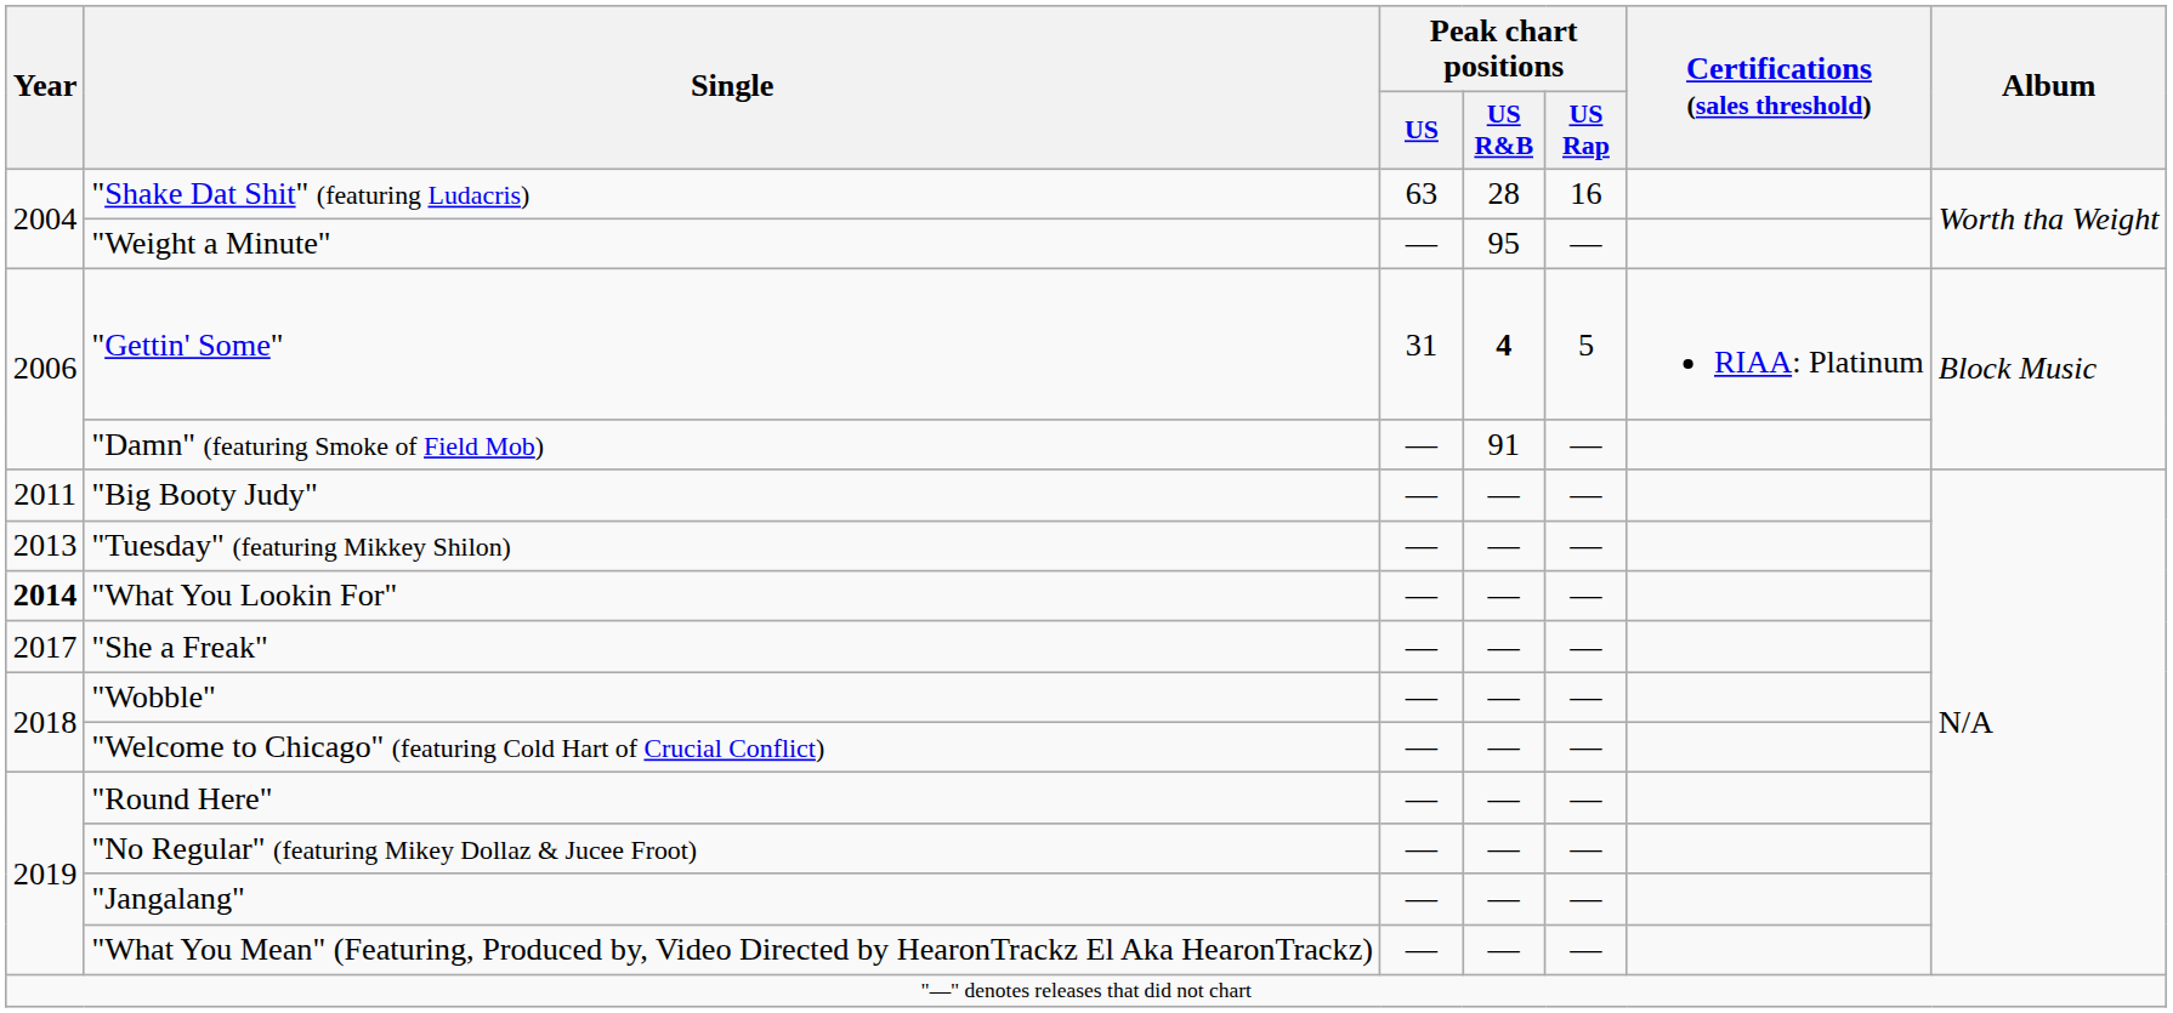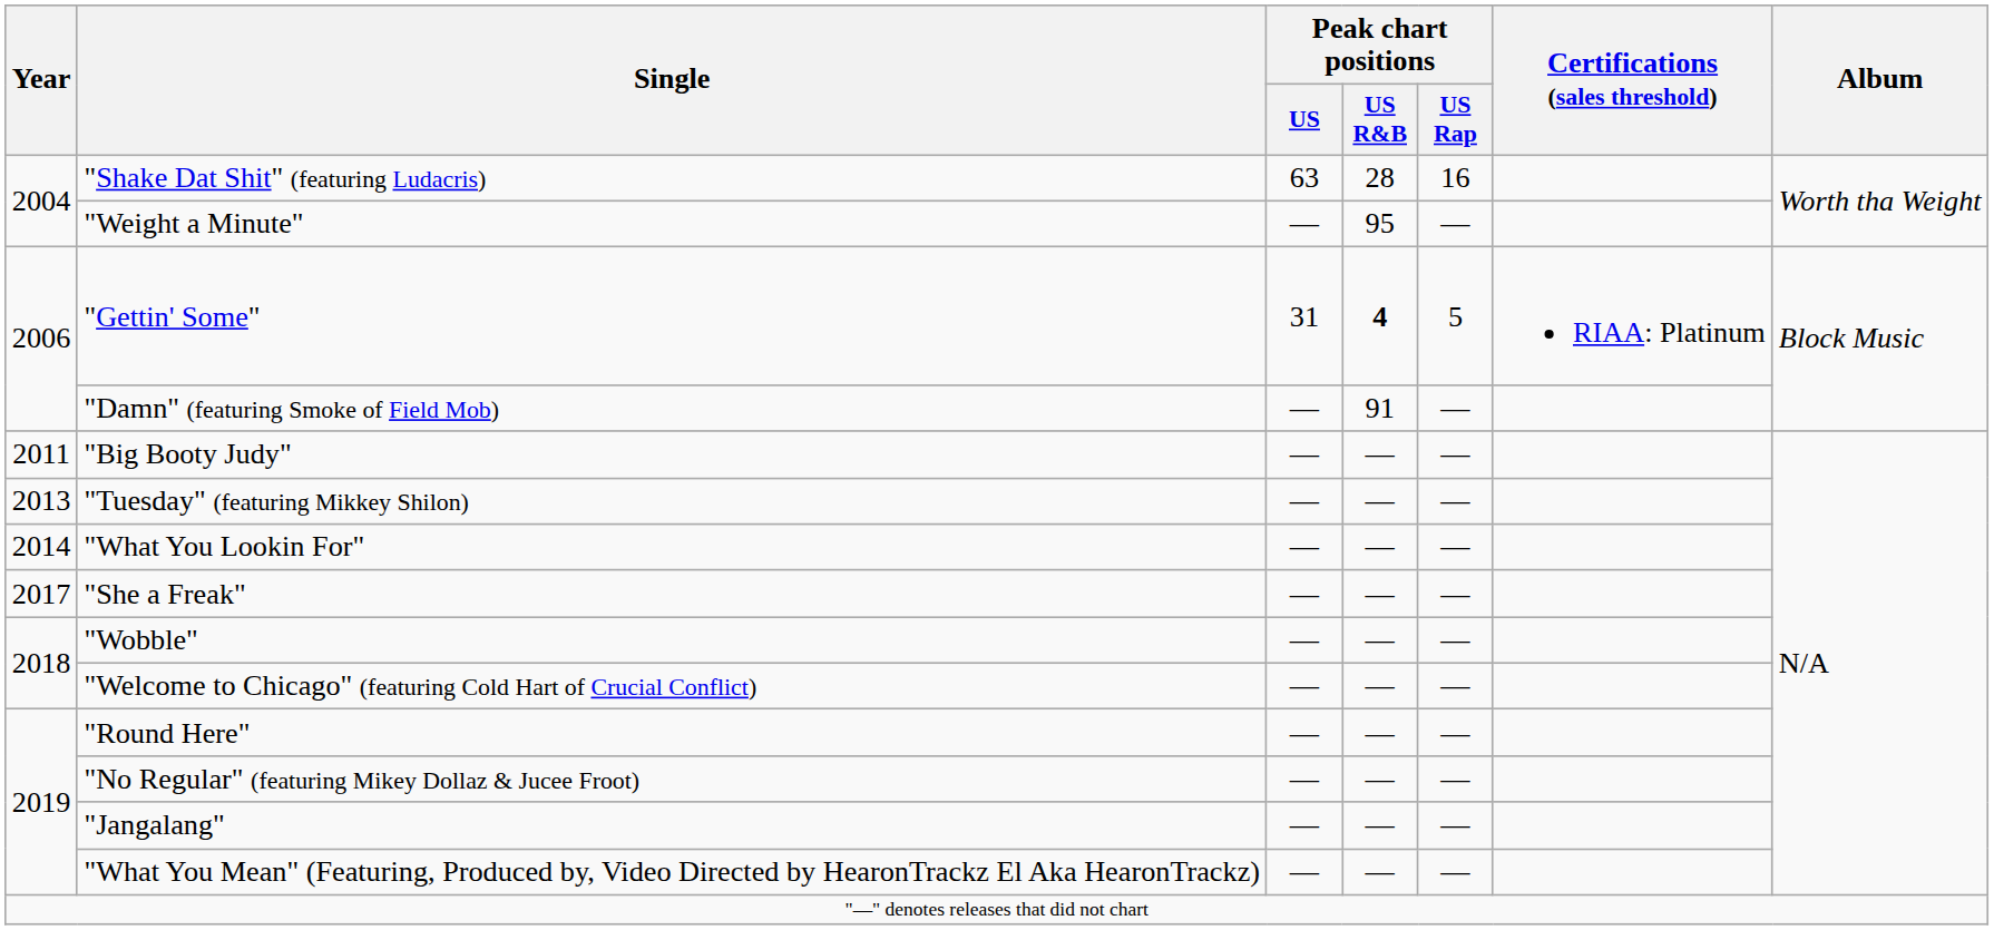 <table class="wikitable" style="text-align:center;">
 <tr>
 <th rowspan="2">Year</th>
 <th rowspan="2">Single</th>
 <th colspan="3">Peak chart<br>positions</th>
 <th rowspan="2"><a href='#'>Certifications</a><br><small>(<a href='#'>sales threshold</a>)</small></th>
 <th rowspan="2">Album</th>
 </tr>
 <tr style="font-size:smaller;">
 <th style="width:35px;"><a href='#'>US</a></th>
 <th style="width:35px;"><a href='#'>US R&B</a></th>
 <th style="width:35px;"><a href='#'>US Rap</a></th>
 </tr>
 <tr>
 <td rowspan="2">2004</td>
 <td style="text-align:left;">"<a href='#'>Shake Dat Shit</a>" <small>(featuring <a href='#'>Ludacris</a>)</small></td>
 <td>63</td>
 <td>28</td>
 <td>16</td>
 <td></td>
 <td style="text-align:left;" rowspan="2"><em>Worth tha Weight</em></td>
 </tr>
 <tr>
 <td style="text-align:left;">"Weight a Minute"</td>
 <td>—</td>
 <td>95</td>
 <td>—</td>
 <td></td>
 </tr>
 <tr>
 <td rowspan="2">2006</td>
 <td style="text-align:left;">"<a href='#'>Gettin' Some</a>"</td>
 <td>31</td>
 <td><strong>4</strong></td>
 <td>5</td>
 <td style="text-align:left;"><br><ul><li><a href='#'>RIAA</a>: Platinum</li></ul></td>
 <td style="text-align:left;" rowspan="2"><em>Block Music</em></td>
 </tr>
 <tr>
 <td style="text-align:left;">"Damn" <small>(featuring Smoke of <a href='#'>Field Mob</a>)</small></td>
 <td>—</td>
 <td>91</td>
 <td>—</td>
 <td></td>
 </tr>
 <tr>
 <td>2011</td>
 <td style="text-align:left;">"Big Booty Judy"</td>
 <td>—</td>
 <td>—</td>
 <td>—</td>
 <td style="text-align:left;"></td>
 <td rowspan="10" style="text-align:left;">N/A</td>
 </tr>
 <tr>
 <td>2013</td>
 <td style="text-align:left;">"Tuesday" <small>(featuring Mikkey Shilon)</small></td>
 <td>—</td>
 <td>—</td>
 <td>—</td>
 <td></td>
 </tr>
 <tr>
-<td><strong>2014</strong></td>
+<td>2014</td>
 <td style="text-align:left;">"What You Lookin For"</td>
 <td>—</td>
 <td>—</td>
 <td>—</td>
 <td></td>
 </tr>
 <tr>
 <td>2017</td>
 <td style="text-align:left;">"She a Freak"</td>
 <td>—</td>
 <td>—</td>
 <td>—</td>
 <td style="text-align:left;"></td>
 </tr>
 <tr>
 <td rowspan="2">2018</td>
 <td style="text-align:left;">"Wobble"</td>
 <td>—</td>
 <td>—</td>
 <td>—</td>
 <td style="text-align:left;"></td>
 </tr>
 <tr>
 <td style="text-align:left;">"Welcome to Chicago" <small>(featuring Cold Hart of <a href='#'>Crucial Conflict</a>)</small></td>
 <td>—</td>
 <td>—</td>
 <td>—</td>
 <td></td>
 </tr>
 <tr>
 <td rowspan="4">2019</td>
 <td style="text-align:left;">"Round Here"</td>
 <td>—</td>
 <td>—</td>
 <td>—</td>
 <td></td>
 </tr>
 <tr>
 <td style="text-align:left;">"No Regular" <small>(featuring Mikey Dollaz & Jucee Froot)</small></td>
 <td>—</td>
 <td>—</td>
 <td>—</td>
 <td></td>
 </tr>
 <tr>
 <td style="text-align:left;">"Jangalang"</td>
 <td>—</td>
 <td>—</td>
 <td>—</td>
 <td></td>
 </tr>
 <tr rowspan="2" | 2020>
 <td style="text-align:left;">"What You Mean" (Featuring, Produced by, Video Directed by HearonTrackz El Aka HearonTrackz)</td>
 <td>—</td>
 <td>—</td>
 <td>—</td>
 <td></td>
 </tr>
 <tr>
 <td colspan="7" style="font-size:8pt">"—" denotes releases that did not chart</td>
 </tr>
 </table>
